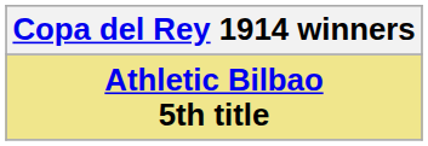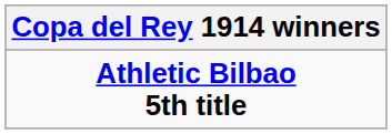 <table class="wikitable" style="text-align: center; margin: 0 auto;">
 <tr>
 <th><a href='#'>Copa del Rey</a> 1914 winners</th>
 </tr>
 <tr>
-<td style="background: khaki;"><strong><a href='#'>Athletic Bilbao</a></strong><br><strong>5th title</strong></td>
+<td><strong><a href='#'>Athletic Bilbao</a></strong><br><strong>5th title</strong></td>
 </tr>
 </table>
